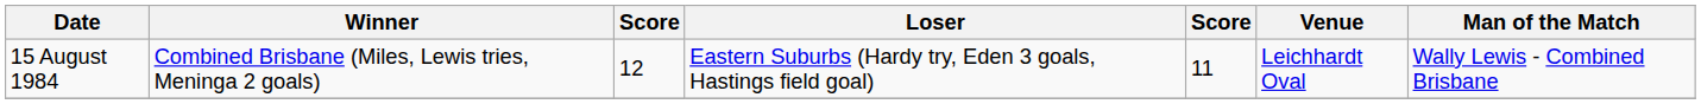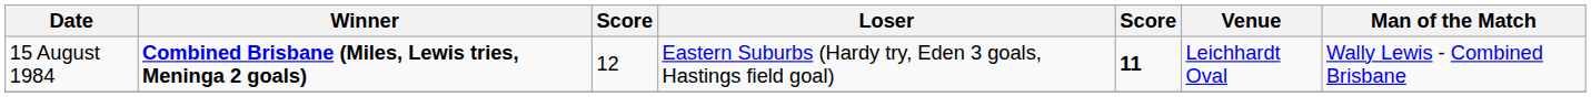 <table class="wikitable">
 <tr>
 <th>Date</th>
 <th>Winner</th>
 <th>Score</th>
 <th>Loser</th>
 <th>Score</th>
 <th>Venue</th>
 <th>Man of the Match</th>
 </tr>
 <tr>
 <td>15 August 1984</td>
-<td>  <a href='#'>Combined Brisbane</a> (Miles, Lewis tries, Meninga 2 goals)</td>
+<td><strong>  <a href='#'>Combined Brisbane</a> (Miles, Lewis tries, Meninga 2 goals)</strong></td>
 <td>12</td>
 <td> <a href='#'>Eastern Suburbs</a> (Hardy try, Eden 3 goals, Hastings field goal)</td>
-<td>11</td>
+<td><strong>11</strong></td>
 <td><a href='#'>Leichhardt Oval</a></td>
 <td><a href='#'>Wally Lewis</a> - <a href='#'>Combined Brisbane</a></td>
 </tr>
 <tr>
 </tr>
 </table>
